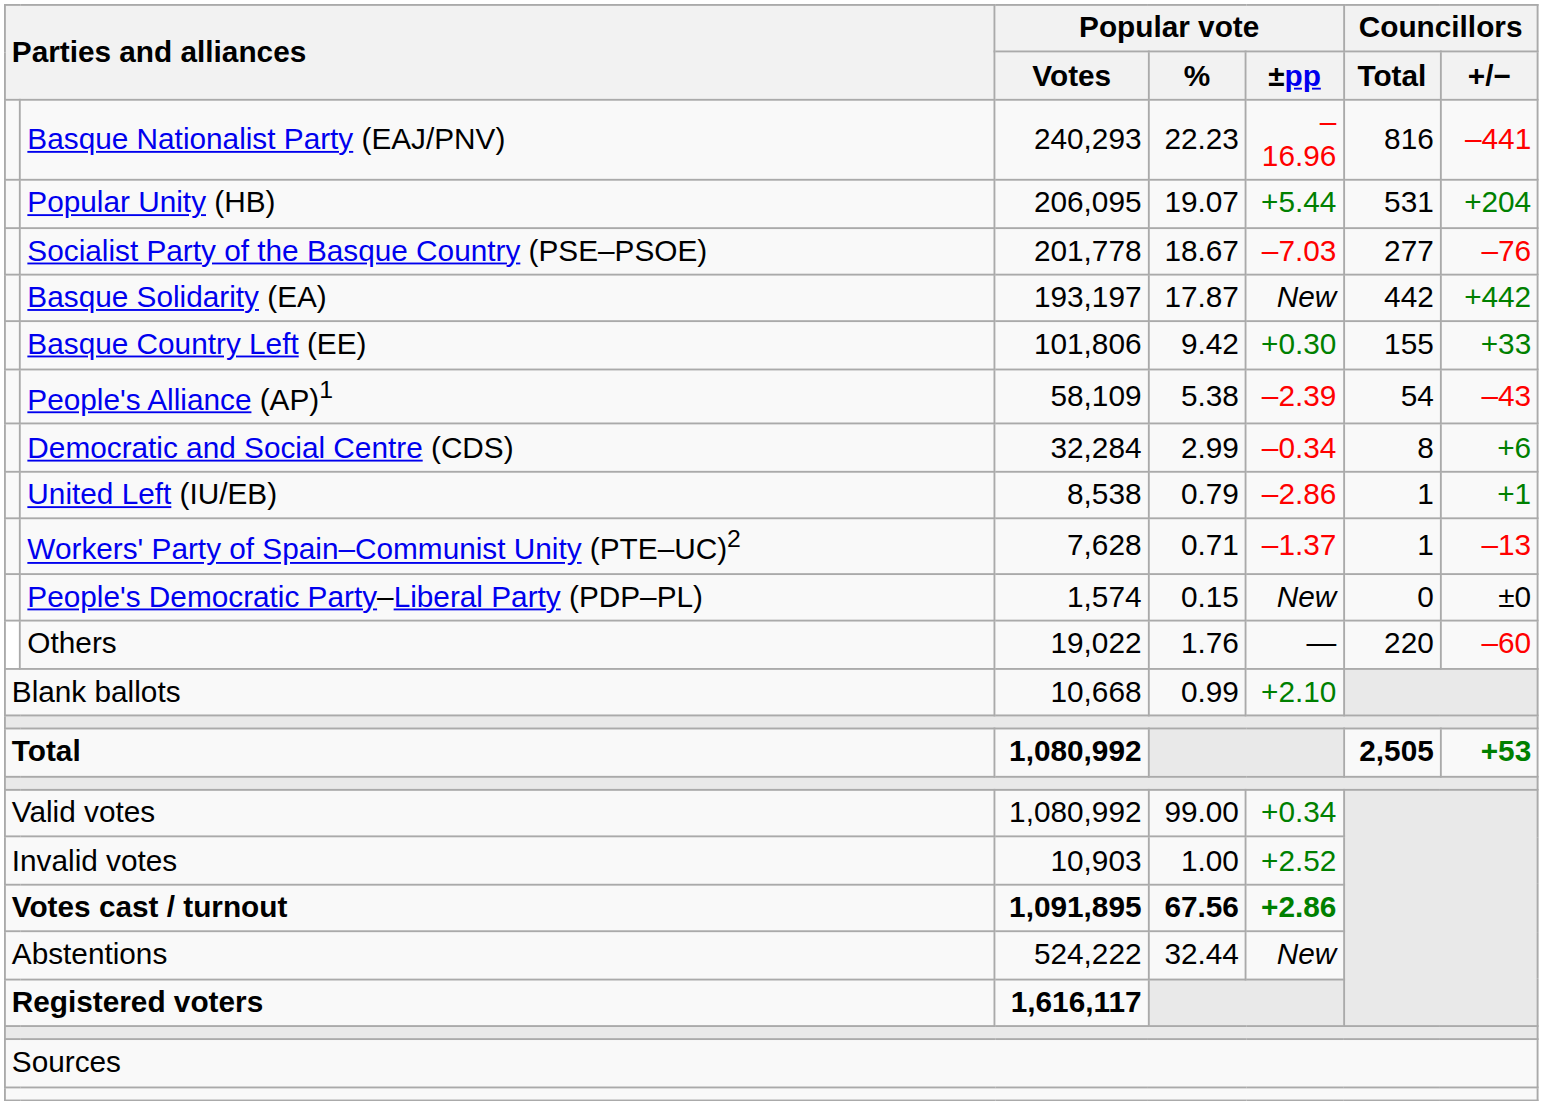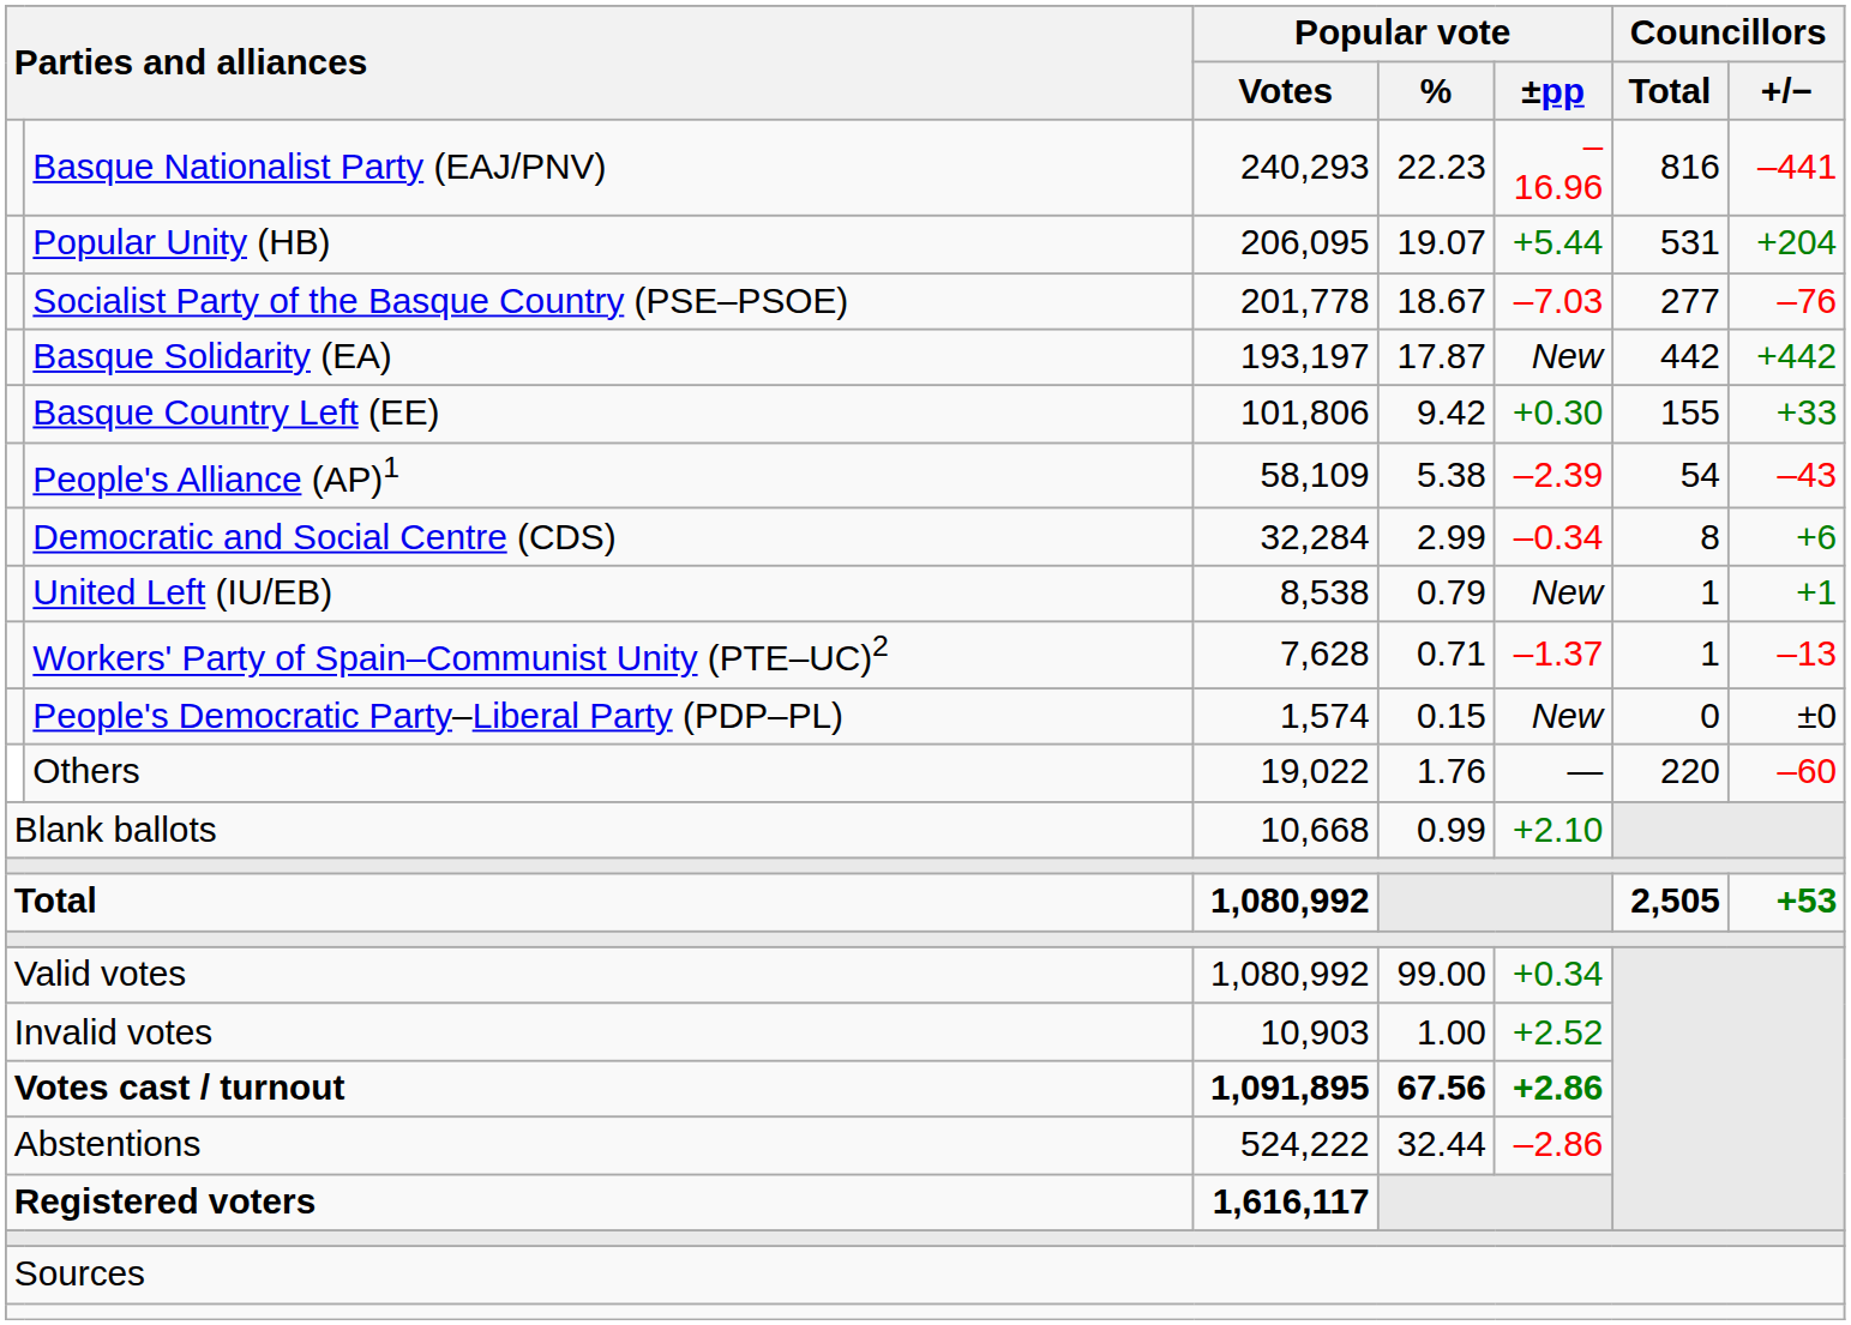 <table class="wikitable" style="text-align:right;">
 <tr>
 <th style="text-align:left;" rowspan="2" colspan="2" width="525">Parties and alliances</th>
 <th colspan="3">Popular vote</th>
 <th colspan="2">Councillors</th>
 </tr>
 <tr>
 <th width="75">Votes</th>
 <th width="45">%</th>
 <th width="45">±<a href='#'>pp</a></th>
 <th width="45">Total</th>
 <th width="45">+/−</th>
 </tr>
 <tr>
 <td width="1" style="color:inherit;background:"></td>
 <td align="left"><a href='#'>Basque Nationalist Party</a> (EAJ/PNV)</td>
 <td>240,293</td>
 <td>22.23</td>
 <td style="color:red;">–16.96</td>
 <td>816</td>
 <td style="color:red;">–441</td>
 </tr>
 <tr>
 <td style="color:inherit;background:"></td>
 <td align="left"><a href='#'>Popular Unity</a> (HB)</td>
 <td>206,095</td>
 <td>19.07</td>
 <td style="color:green;">+5.44</td>
 <td>531</td>
 <td style="color:green;">+204</td>
 </tr>
 <tr>
 <td style="color:inherit;background:"></td>
 <td align="left"><a href='#'>Socialist Party of the Basque Country</a> (PSE–PSOE)</td>
 <td>201,778</td>
 <td>18.67</td>
 <td style="color:red;">–7.03</td>
 <td>277</td>
 <td style="color:red;">–76</td>
 </tr>
 <tr>
 <td style="color:inherit;background:"></td>
 <td align="left"><a href='#'>Basque Solidarity</a> (EA)</td>
 <td>193,197</td>
 <td>17.87</td>
 <td><em>New</em></td>
 <td>442</td>
 <td style="color:green;">+442</td>
 </tr>
 <tr>
 <td style="color:inherit;background:"></td>
 <td align="left"><a href='#'>Basque Country Left</a> (EE)</td>
 <td>101,806</td>
 <td>9.42</td>
 <td style="color:green;">+0.30</td>
 <td>155</td>
 <td style="color:green;">+33</td>
 </tr>
 <tr>
 <td style="color:inherit;background:"></td>
 <td align="left"><a href='#'>People's Alliance</a> (AP)<sup>1</sup></td>
 <td>58,109</td>
 <td>5.38</td>
 <td style="color:red;">–2.39</td>
 <td>54</td>
 <td style="color:red;">–43</td>
 </tr>
 <tr>
 <td style="color:inherit;background:"></td>
 <td align="left"><a href='#'>Democratic and Social Centre</a> (CDS)</td>
 <td>32,284</td>
 <td>2.99</td>
 <td style="color:red;">–0.34</td>
 <td>8</td>
 <td style="color:green;">+6</td>
 </tr>
 <tr>
 <td style="color:inherit;background:"></td>
 <td align="left"><a href='#'>United Left</a> (IU/EB)</td>
 <td>8,538</td>
 <td>0.79</td>
-<td style="color:red;">–2.86</td>
+<td><em>New</em></td>
 <td>1</td>
 <td style="color:green;">+1</td>
 </tr>
 <tr>
 <td style="color:inherit;background:"></td>
 <td align="left"><a href='#'>Workers' Party of Spain–Communist Unity</a> (PTE–UC)<sup>2</sup></td>
 <td>7,628</td>
 <td>0.71</td>
 <td style="color:red;">–1.37</td>
 <td>1</td>
 <td style="color:red;">–13</td>
 </tr>
 <tr>
 <td style="color:inherit;background:"></td>
 <td align="left"><a href='#'>People's Democratic Party</a>–<a href='#'>Liberal Party</a> (PDP–PL)</td>
 <td>1,574</td>
 <td>0.15</td>
 <td><em>New</em></td>
 <td>0</td>
 <td>±0</td>
 </tr>
 <tr>
 <td bgcolor="white"></td>
 <td align="left">Others</td>
 <td>19,022</td>
 <td>1.76</td>
 <td>—</td>
 <td>220</td>
 <td style="color:red;">–60</td>
 </tr>
 <tr>
 <td align="left" colspan="2">Blank ballots</td>
 <td>10,668</td>
 <td>0.99</td>
 <td style="color:green;">+2.10</td>
 <td bgcolor="#E9E9E9" colspan="2"></td>
 </tr>
 <tr>
 <td colspan="7" bgcolor="#E9E9E9"></td>
 </tr>
 <tr style="font-weight:bold;">
 <td align="left" colspan="2">Total</td>
 <td>1,080,992</td>
 <td bgcolor="#E9E9E9" colspan="2"></td>
 <td>2,505</td>
 <td style="color:green;">+53</td>
 </tr>
 <tr>
 <td colspan="7" bgcolor="#E9E9E9"></td>
 </tr>
 <tr>
 <td align="left" colspan="2">Valid votes</td>
 <td>1,080,992</td>
 <td>99.00</td>
 <td style="color:green;">+0.34</td>
 <td bgcolor="#E9E9E9" colspan="2" rowspan="5"></td>
 </tr>
 <tr>
 <td align="left" colspan="2">Invalid votes</td>
 <td>10,903</td>
 <td>1.00</td>
 <td style="color:green;">+2.52</td>
 </tr>
 <tr style="font-weight:bold;">
 <td align="left" colspan="2">Votes cast / turnout</td>
 <td>1,091,895</td>
 <td>67.56</td>
 <td style="color:green;">+2.86</td>
 </tr>
 <tr>
 <td align="left" colspan="2">Abstentions</td>
 <td>524,222</td>
 <td>32.44</td>
-<td><em>New</em></td>
+<td style="color:red;">–2.86</td>
 </tr>
 <tr style="font-weight:bold;">
 <td align="left" colspan="2">Registered voters</td>
 <td>1,616,117</td>
 <td bgcolor="#E9E9E9" colspan="2"></td>
 </tr>
 <tr>
 <td colspan="7" bgcolor="#E9E9E9"></td>
 </tr>
 <tr>
 <td align="left" colspan="7">Sources</td>
 </tr>
 <tr>
 <td colspan="7" style="text-align:left; max-width:790px;"></td>
 </tr>
 </table>
